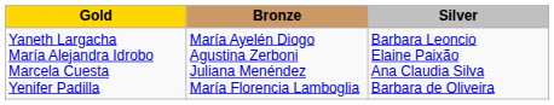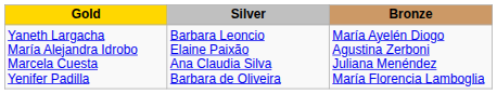 <table class="wikitable" style="text-align:left">
 <tr align="center">
 <td width=200 bgcolor=gold><strong>Gold</strong></td>
+<td width=200 bgcolor=silver><strong>Silver</strong></td>
 <td width=200 bgcolor=CC9966><strong>Bronze</strong></td>
-<td width=200 bgcolor=silver><strong>Silver</strong></td>
 </tr>
 <tr>
 <td><a href='#'>Yaneth Largacha</a><br><a href='#'>María Alejandra Idrobo</a><br><a href='#'>Marcela Cuesta</a><br><a href='#'>Yenifer Padilla</a><br><em></em></td>
+<td><a href='#'>Barbara Leoncio</a><br><a href='#'>Elaine Paixão</a><br><a href='#'>Ana Claudia Silva</a><br><a href='#'>Barbara de Oliveira</a><br><em></em></td>
 <td><a href='#'>María Ayelén Diogo</a><br><a href='#'>Agustina Zerboni</a><br><a href='#'>Juliana Menéndez</a><br><a href='#'>María Florencia Lamboglia</a><br><em></em></td>
-<td><a href='#'>Barbara Leoncio</a><br><a href='#'>Elaine Paixão</a><br><a href='#'>Ana Claudia Silva</a><br><a href='#'>Barbara de Oliveira</a><br><em></em></td>
 </tr>
 </table>
